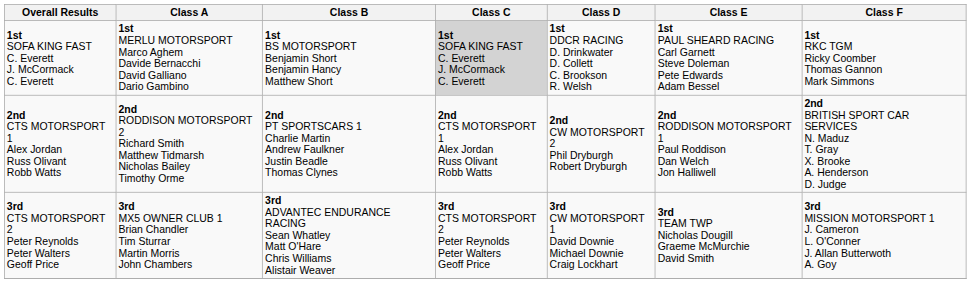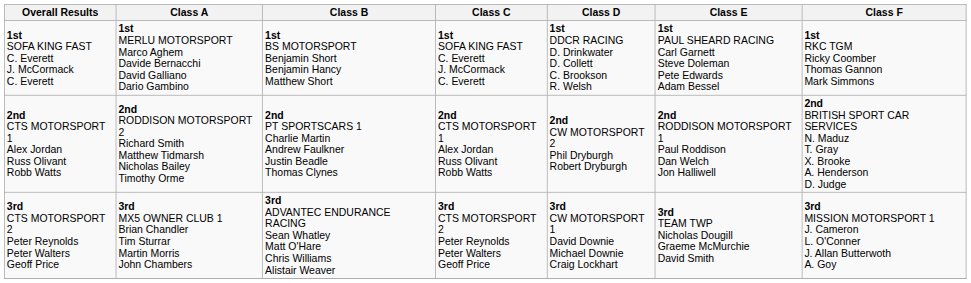 <table class="wikitable" style="font-size: 85%;">
 <tr>
 <th>Overall Results</th>
 <th>Class A</th>
 <th>Class B</th>
 <th>Class C</th>
 <th>Class D</th>
 <th>Class E</th>
 <th>Class F</th>
 </tr>
 <tr>
 <td><strong>1st</strong><br> SOFA KING FAST<br> C. Everett <br>J. McCormack <br> C. Everett</td>
 <td><strong>1st</strong><br> MERLU MOTORSPORT<br> Marco Aghem <br>Davide Bernacchi <br> David Galliano<br> Dario Gambino</td>
 <td><strong>1st</strong><br> BS MOTORSPORT<br> Benjamin Short<br> Benjamin Hancy<br> Matthew Short</td>
-<td style="background: lightgrey;"><strong>1st</strong><br> SOFA KING FAST<br> C. Everett <br>J. McCormack <br> C. Everett</td>
+<td><strong>1st</strong><br> SOFA KING FAST<br> C. Everett <br>J. McCormack <br> C. Everett</td>
 <td><strong>1st</strong><br> DDCR RACING<br> D. Drinkwater<br> D. Collett<br> C. Brookson<br> R. Welsh</td>
 <td><strong>1st</strong><br> PAUL SHEARD RACING <br> Carl Garnett <br> Steve Doleman <br> Pete Edwards <br> Adam Bessel</td>
 <td><strong>1st</strong><br> RKC TGM<br> Ricky Coomber <br> Thomas Gannon <br>Mark Simmons</td>
 </tr>
 <tr>
 <td><strong>2nd</strong><br> CTS MOTORSPORT 1<br>Alex Jordan<br> Russ Olivant<br> Robb Watts</td>
 <td><strong>2nd</strong><br> RODDISON MOTORSPORT 2<br> Richard Smith<br> Matthew Tidmarsh<br> Nicholas Bailey<br> Timothy Orme</td>
 <td><strong>2nd</strong><br> PT SPORTSCARS 1<br> Charlie Martin<br> Andrew Faulkner<br> Justin Beadle<br> Thomas Clynes</td>
 <td><strong>2nd</strong><br> CTS MOTORSPORT 1<br>Alex Jordan<br> Russ Olivant<br> Robb Watts<br></td>
 <td><strong>2nd</strong><br> CW MOTORSPORT 2<br>Phil Dryburgh<br> Robert Dryburgh</td>
 <td><strong>2nd</strong><br> RODDISON MOTORSPORT 1<br>Paul Roddison<br> Dan Welch <br> Jon Halliwell</td>
 <td><strong>2nd</strong><br> BRITISH SPORT CAR SERVICES<br>N. Maduz<br> T. Gray<br>X. Brooke<br>A. Henderson<br>D. Judge</td>
 </tr>
 <tr>
 <td><strong>3rd</strong><br> CTS MOTORSPORT 2<br> Peter Reynolds<br> Peter Walters<br> Geoff Price</td>
 <td><strong>3rd</strong><br> MX5 OWNER CLUB 1<br> Brian Chandler<br> Tim Sturrar<br> Martin Morris<br> John Chambers</td>
 <td><strong>3rd</strong><br> ADVANTEC ENDURANCE RACING<br>Sean Whatley<br>Matt O'Hare<br>Chris Williams<br>Alistair Weaver</td>
 <td><strong>3rd</strong><br> CTS MOTORSPORT 2<br> Peter Reynolds<br> Peter Walters<br> Geoff Price</td>
 <td><strong>3rd</strong><br> CW MOTORSPORT 1<br>David Downie<br> Michael Downie<br>Craig Lockhart</td>
 <td><strong>3rd</strong><br> TEAM TWP<br>Nicholas Dougill<br> Graeme McMurchie<br>David Smith</td>
 <td><strong>3rd</strong><br> MISSION MOTORSPORT 1<br>J. Cameron<br> L. O'Conner<br>J. Allan Butterwoth<br>A. Goy</td>
 </tr>
 <tr>
 </tr>
 </table>
